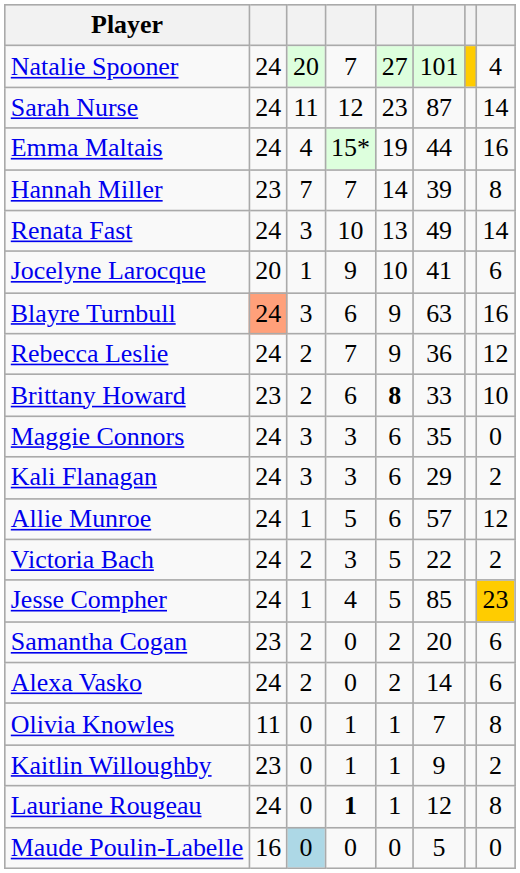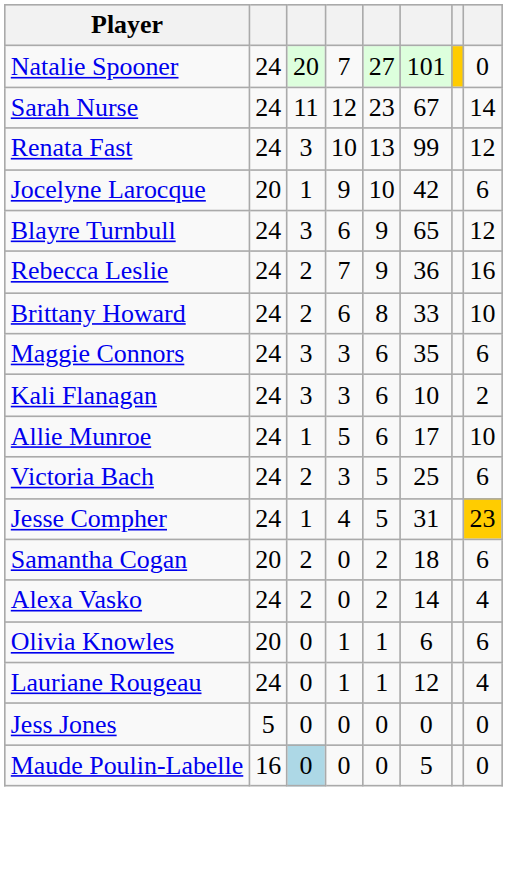 <table class="wikitable sortable" style="text-align:center;">
 <tr>
 <th>Player</th>
 <th></th>
 <th></th>
 <th></th>
 <th></th>
 <th></th>
 <th data-sort-type="number"></th>
 <th></th>
 </tr>
 <tr>
 <td style="text-align:left;"><a href='#'>Natalie Spooner</a></td>
 <td>24</td>
 <td style="background:#DDFFDD;">20</td>
 <td>7</td>
 <td style="background:#DDFFDD;">27</td>
 <td style="background:#DDFFDD;">101</td>
 <td style="background:#fc0;"></td>
-<td>4</td>
+<td>0</td>
 </tr>
 <tr>
 <td style="text-align:left;"><a href='#'>Sarah Nurse</a></td>
 <td>24</td>
 <td>11</td>
 <td>12</td>
 <td>23</td>
-<td>87</td>
+<td>67</td>
 <td></td>
 <td>14</td>
-</tr>
-<tr>
-<td style="text-align:left;"><a href='#'>Emma Maltais</a></td>
-<td>24</td>
-<td>4</td>
-<td style="background:#DDFFDD;">15*</td>
-<td>19</td>
-<td>44</td>
-<td></td>
-<td>16</td>
-</tr>
-<tr>
-<td style="text-align:left;"><a href='#'>Hannah Miller</a></td>
-<td>23</td>
-<td>7</td>
-<td>7</td>
-<td>14</td>
-<td>39</td>
-<td></td>
-<td>8</td>
 </tr>
 <tr>
 <td style="text-align:left;"><a href='#'>Renata Fast</a></td>
 <td>24</td>
 <td>3</td>
 <td>10</td>
 <td>13</td>
-<td>49</td>
+<td>99</td>
 <td></td>
-<td>14</td>
+<td>12</td>
 </tr>
 <tr>
 <td style="text-align:left;"><a href='#'>Jocelyne Larocque</a></td>
 <td>20</td>
 <td>1</td>
 <td>9</td>
 <td>10</td>
-<td>41</td>
+<td>42</td>
 <td></td>
 <td>6</td>
 </tr>
 <tr>
 <td style="text-align:left;"><a href='#'>Blayre Turnbull</a></td>
-<td style="background: lightsalmon;">24</td>
+<td>24</td>
 <td>3</td>
 <td>6</td>
 <td>9</td>
-<td>63</td>
+<td>65</td>
 <td></td>
-<td>16</td>
+<td>12</td>
 </tr>
 <tr>
 <td style="text-align:left;"><a href='#'>Rebecca Leslie</a></td>
 <td>24</td>
 <td>2</td>
 <td>7</td>
 <td>9</td>
 <td>36</td>
 <td></td>
-<td>12</td>
+<td>16</td>
 </tr>
 <tr>
 <td style="text-align:left;"><a href='#'>Brittany Howard</a></td>
-<td>23</td>
+<td>24</td>
 <td>2</td>
 <td>6</td>
-<td><strong>8</strong></td>
+<td>8</td>
 <td>33</td>
 <td></td>
 <td>10</td>
 </tr>
 <tr>
 <td style="text-align:left;"><a href='#'>Maggie Connors</a></td>
 <td>24</td>
 <td>3</td>
 <td>3</td>
 <td>6</td>
 <td>35</td>
 <td></td>
-<td>0</td>
+<td>6</td>
 </tr>
 <tr>
 <td style="text-align:left;"><a href='#'>Kali Flanagan</a></td>
 <td>24</td>
 <td>3</td>
 <td>3</td>
 <td>6</td>
-<td>29</td>
+<td>10</td>
 <td></td>
 <td>2</td>
 </tr>
 <tr>
 <td style="text-align:left;"><a href='#'>Allie Munroe</a></td>
 <td>24</td>
 <td>1</td>
 <td>5</td>
 <td>6</td>
-<td>57</td>
+<td>17</td>
 <td></td>
-<td>12</td>
+<td>10</td>
 </tr>
 <tr>
 <td style="text-align:left;"><a href='#'>Victoria Bach</a></td>
 <td>24</td>
 <td>2</td>
 <td>3</td>
 <td>5</td>
-<td>22</td>
+<td>25</td>
 <td></td>
-<td>2</td>
+<td>6</td>
 </tr>
 <tr>
 <td style="text-align:left;"><a href='#'>Jesse Compher</a></td>
 <td>24</td>
 <td>1</td>
 <td>4</td>
 <td>5</td>
-<td>85</td>
+<td>31</td>
 <td></td>
 <td style="background:#fc0;">23</td>
 </tr>
 <tr>
 <td style="text-align:left;"><a href='#'>Samantha Cogan</a></td>
-<td>23</td>
+<td>20</td>
 <td>2</td>
 <td>0</td>
 <td>2</td>
-<td>20</td>
+<td>18</td>
 <td></td>
 <td>6</td>
 </tr>
 <tr>
 <td style="text-align:left;"><a href='#'>Alexa Vasko</a></td>
 <td>24</td>
 <td>2</td>
 <td>0</td>
 <td>2</td>
 <td>14</td>
 <td></td>
-<td>6</td>
+<td>4</td>
 </tr>
 <tr>
 <td style="text-align:left;"><a href='#'>Olivia Knowles</a></td>
-<td>11</td>
+<td>20</td>
 <td>0</td>
 <td>1</td>
 <td>1</td>
-<td>7</td>
+<td>6</td>
 <td></td>
-<td>8</td>
-</tr>
-<tr>
-<td style="text-align:left;"><a href='#'>Kaitlin Willoughby</a></td>
-<td>23</td>
-<td>0</td>
-<td>1</td>
-<td>1</td>
-<td>9</td>
-<td></td>
-<td>2</td>
+<td>6</td>
 </tr>
 <tr>
 <td style="text-align:left;"><a href='#'>Lauriane Rougeau</a></td>
 <td>24</td>
 <td>0</td>
-<td><strong>1</strong></td>
+<td>1</td>
 <td>1</td>
 <td>12</td>
 <td></td>
-<td>8</td>
+<td>4</td>
+</tr>
+<tr>
+<td style="text-align:left;"><a href='#'>Jess Jones</a></td>
+<td>5</td>
+<td>0</td>
+<td>0</td>
+<td>0</td>
+<td>0</td>
+<td></td>
+<td>0</td>
 </tr>
 <tr>
 <td style="text-align:left;"><a href='#'>Maude Poulin-Labelle</a></td>
 <td>16</td>
 <td style="background: lightblue;">0</td>
 <td>0</td>
 <td>0</td>
 <td>5</td>
 <td></td>
 <td>0</td>
 </tr>
 </table>
